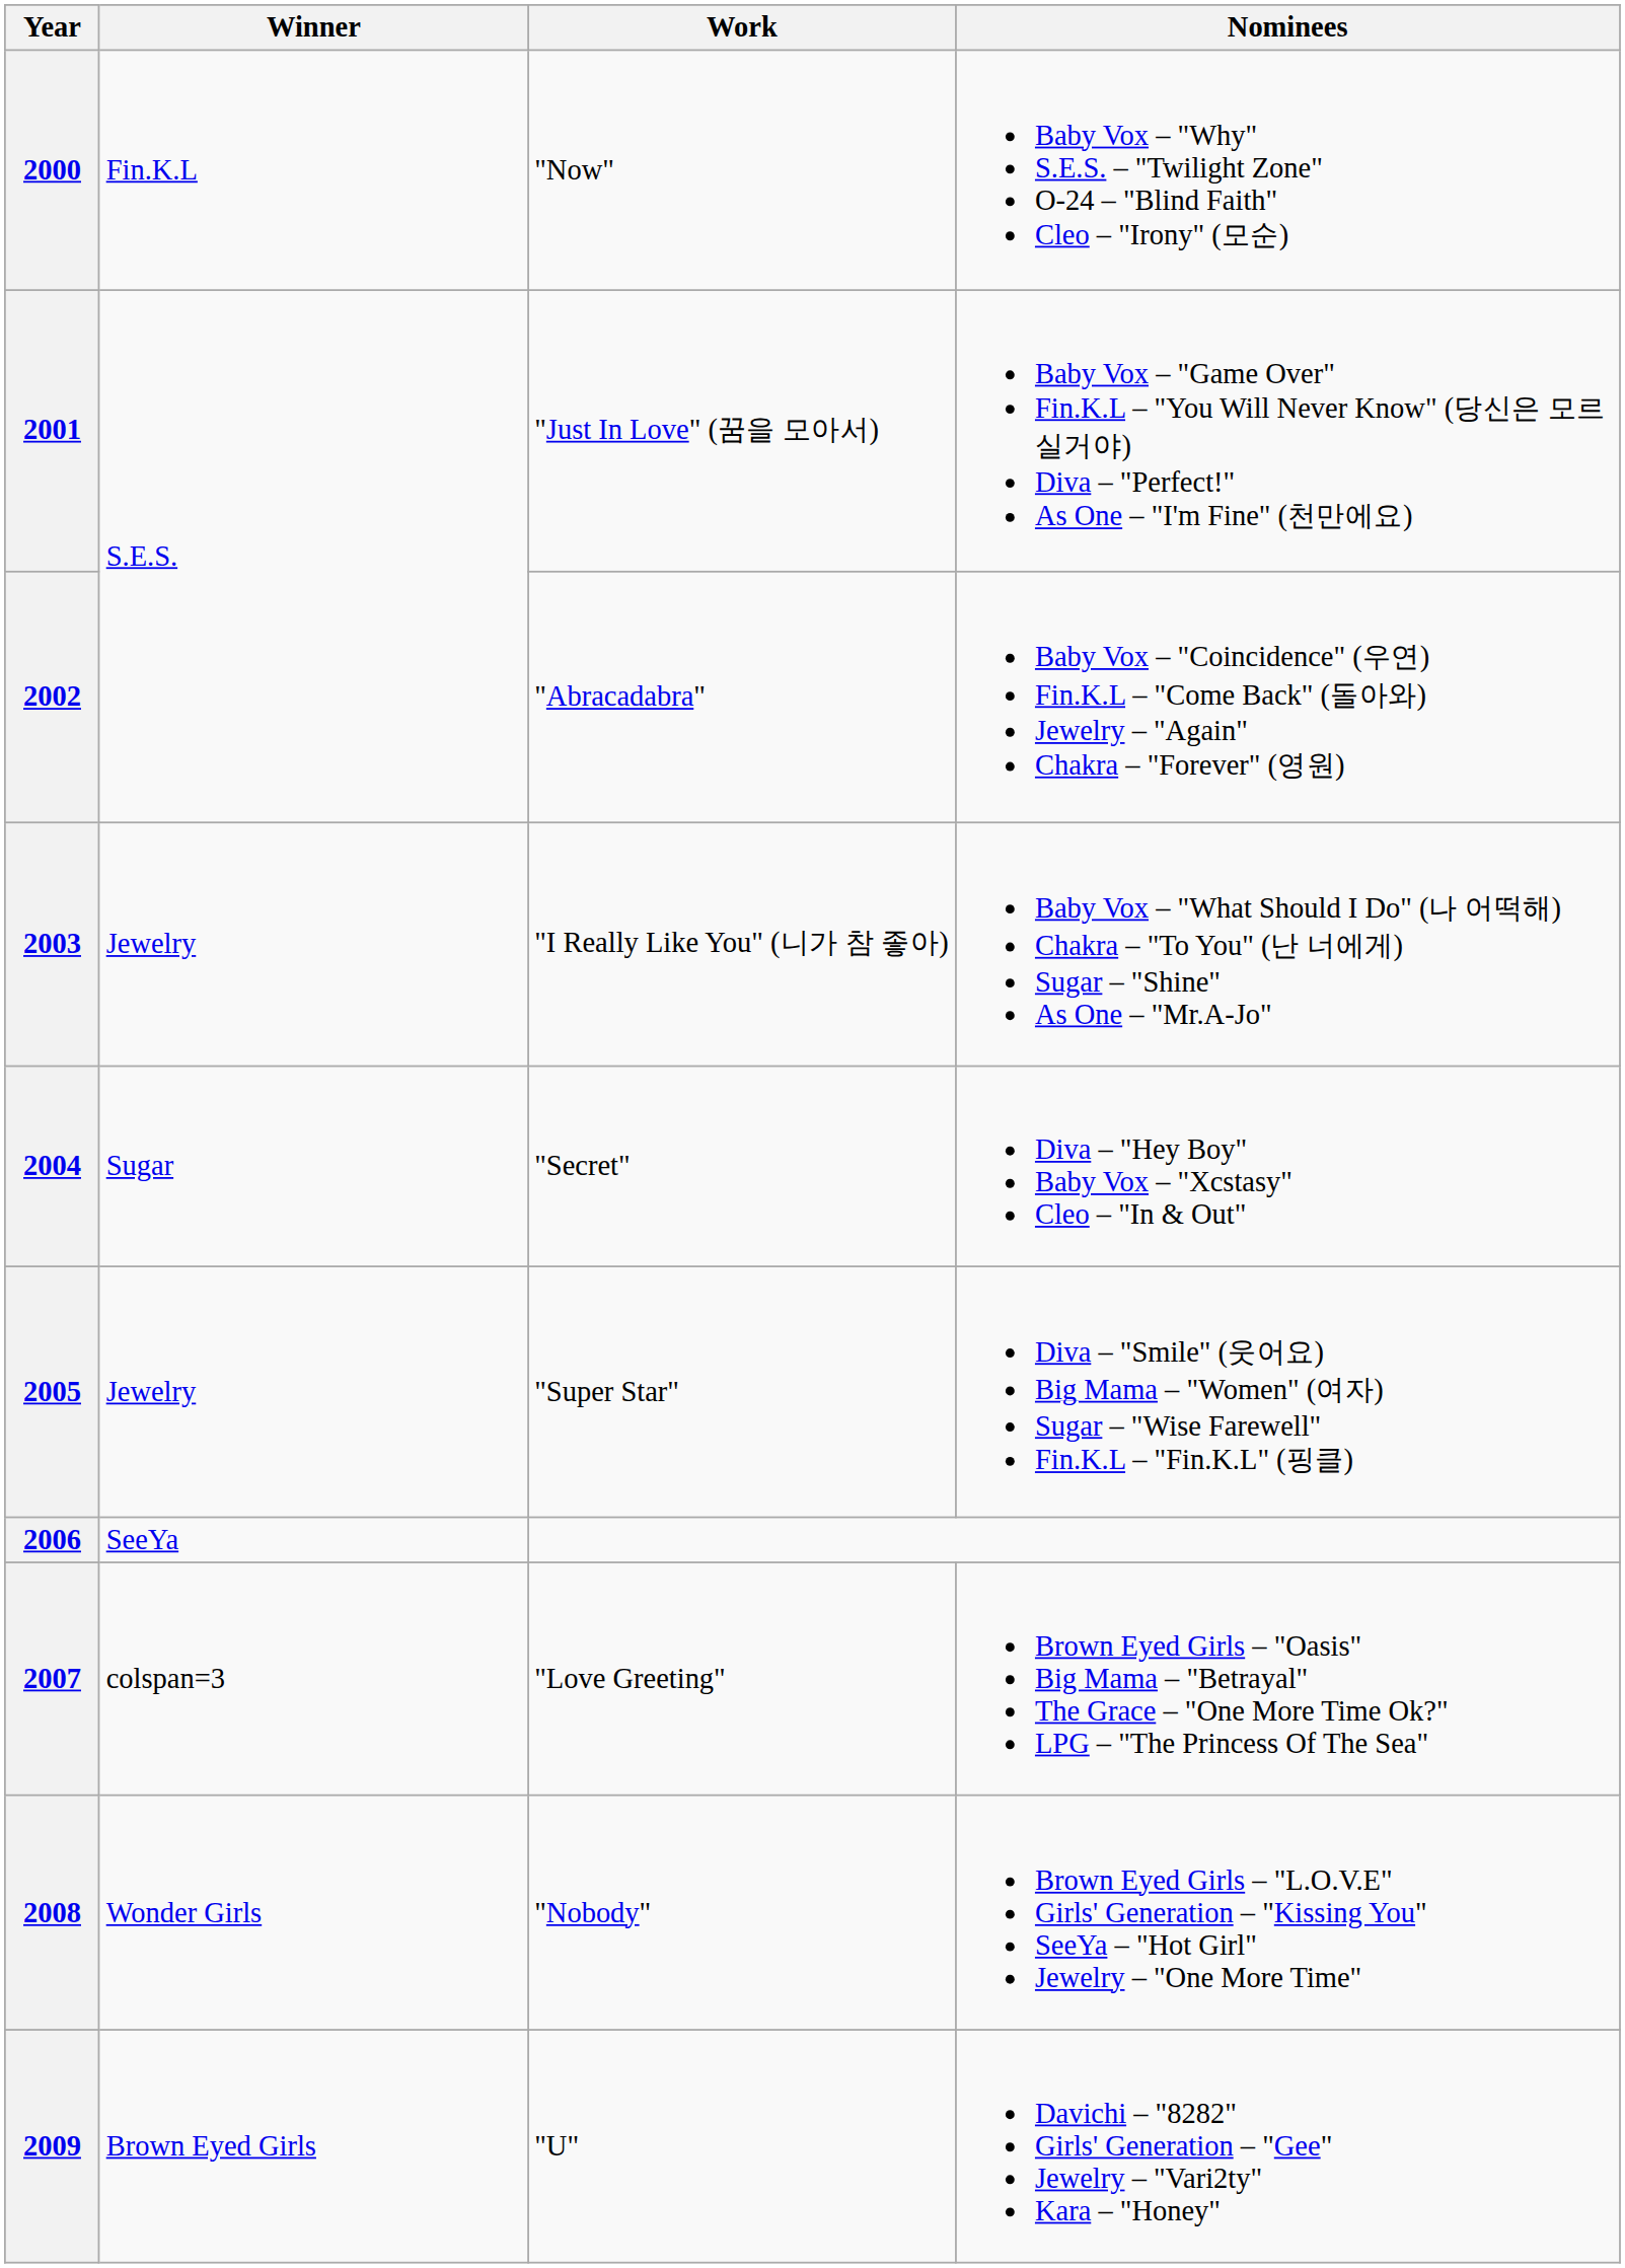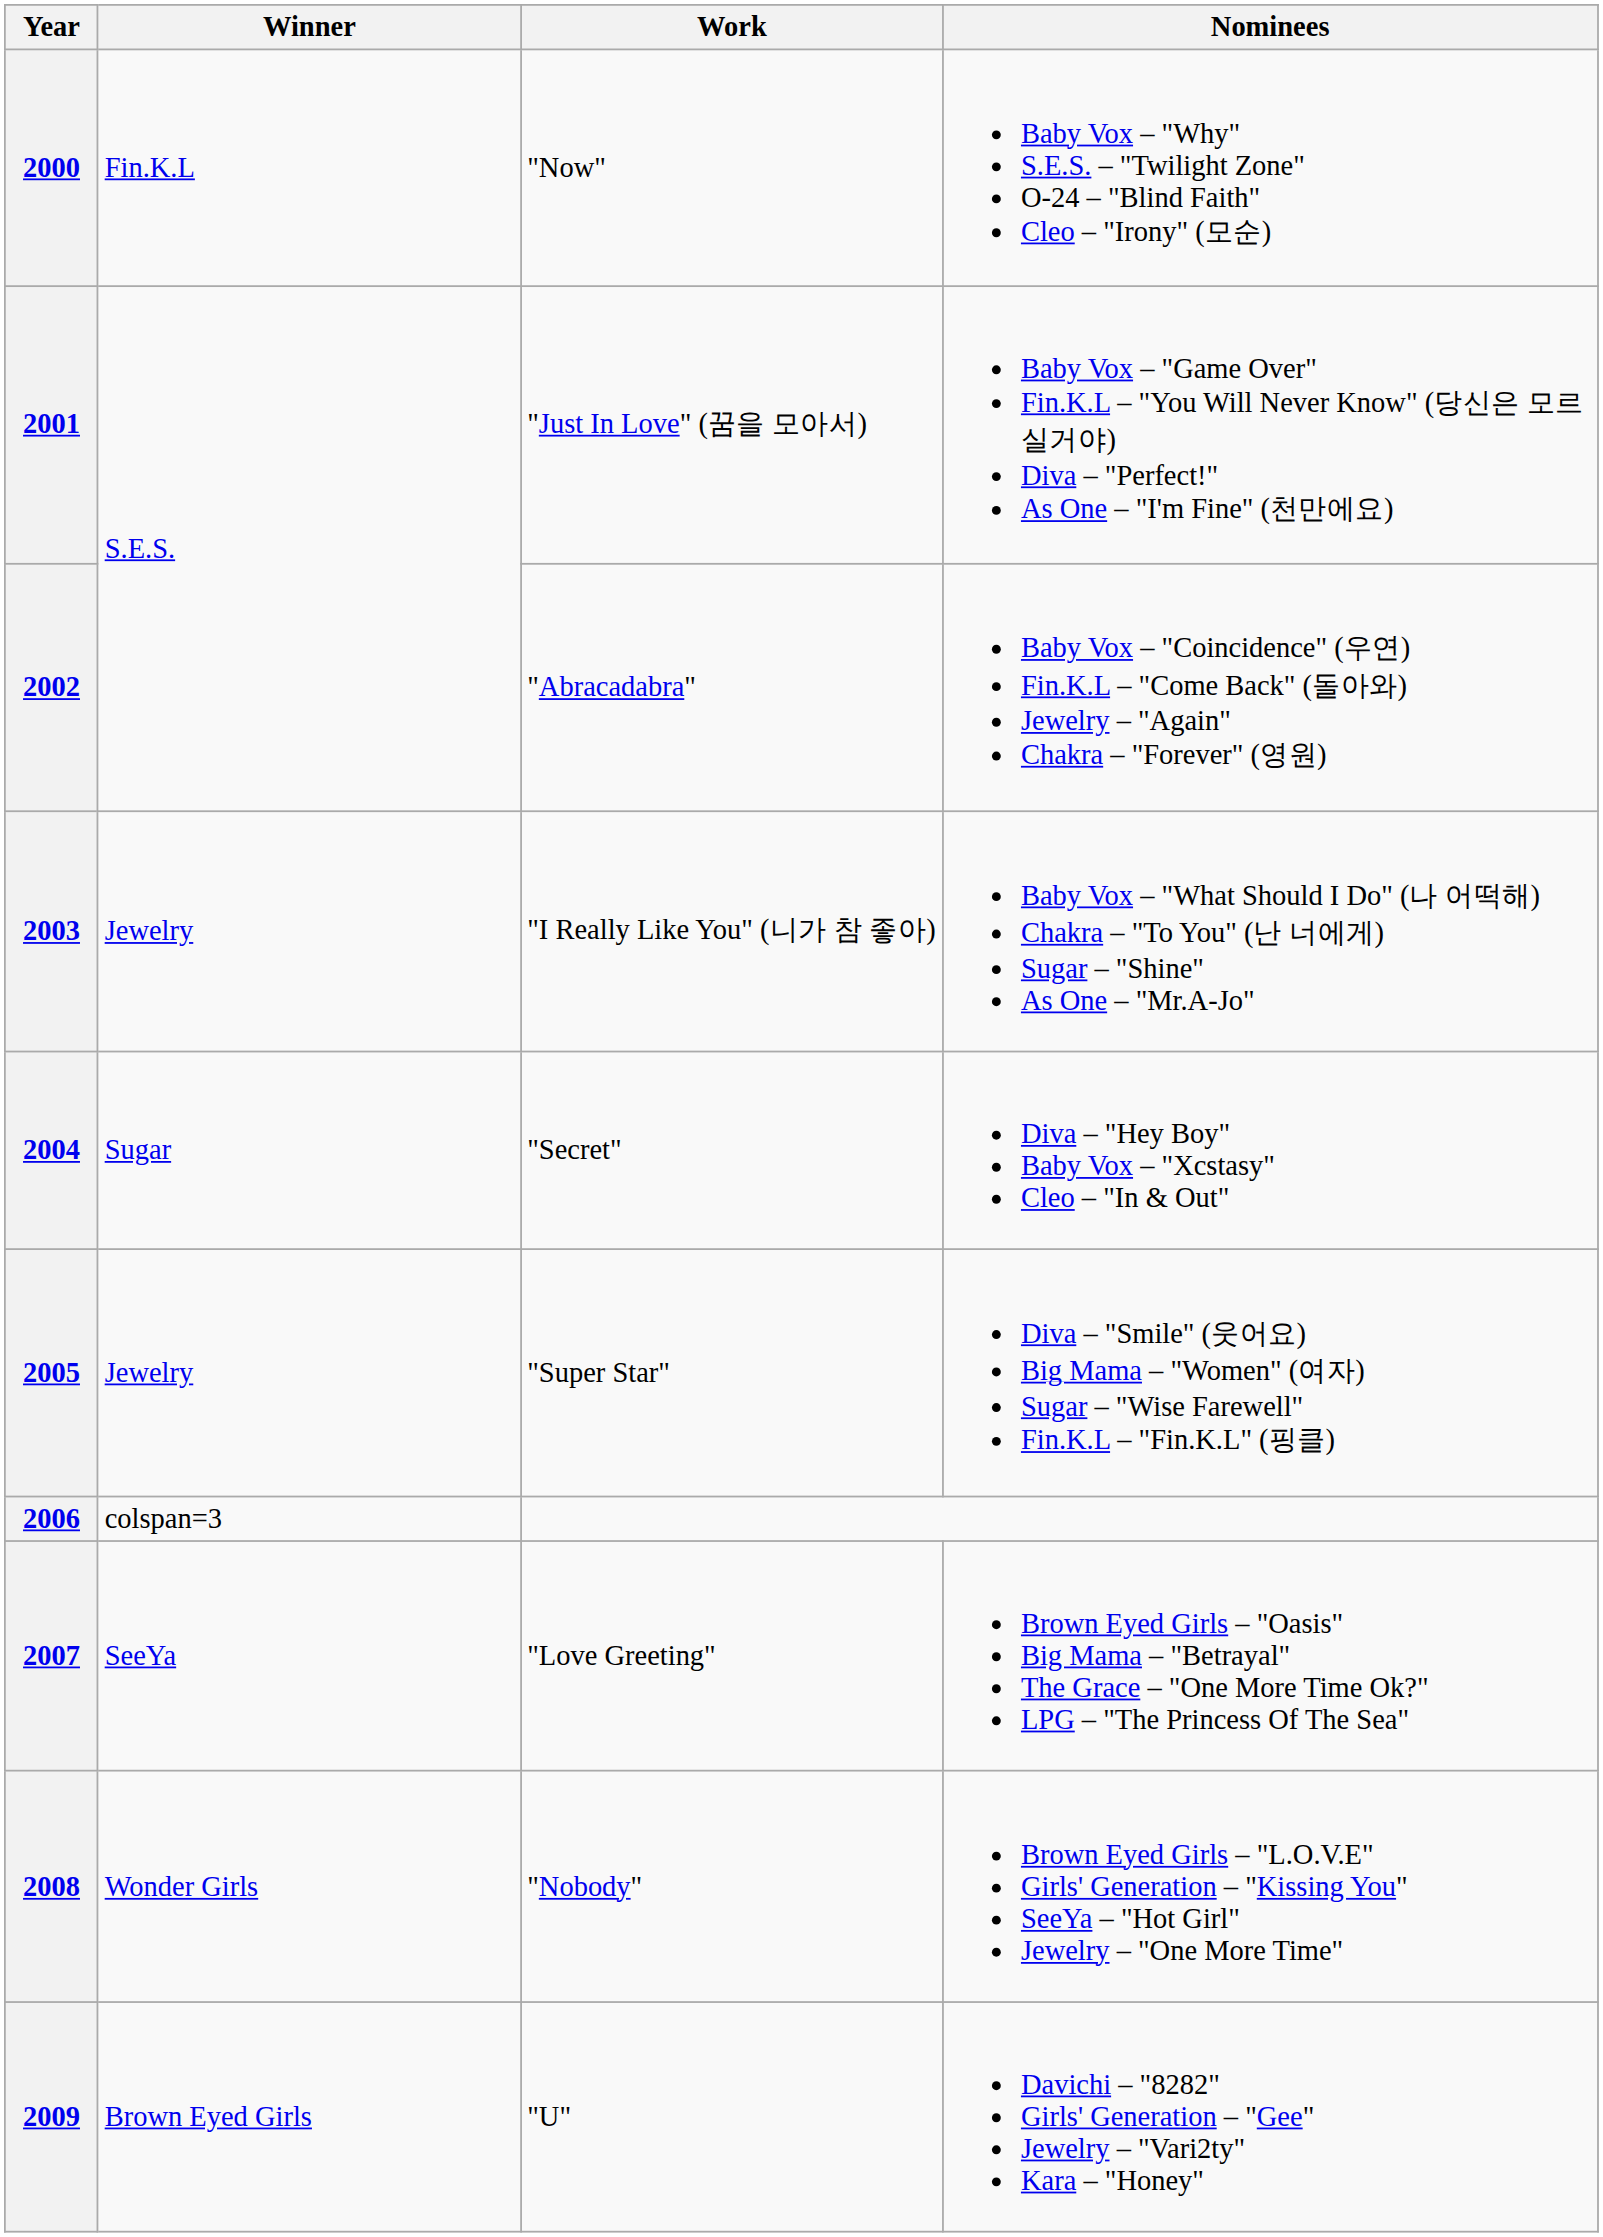 <table class="wikitable plainrowheaders">
 <tr>
 <th width="45">Year</th>
 <th width="230">Winner</th>
 <th width="230">Work</th>
 <th width="360">Nominees</th>
 </tr>
 <tr>
 <th scope="row" style="text-align:center"><a href='#'>2000</a></th>
 <td><a href='#'>Fin.K.L</a></td>
 <td>"Now"</td>
 <td><br><ul><li><a href='#'>Baby Vox</a> – "Why"</li><li><a href='#'>S.E.S.</a> – "Twilight Zone"</li><li>O-24 – "Blind Faith"</li><li><a href='#'>Cleo</a> – "Irony" (모순)</li></ul></td>
 </tr>
 <tr>
 <th scope="row" style="text-align:center"><a href='#'>2001</a></th>
 <td rowspan="2"><a href='#'>S.E.S.</a></td>
 <td>"<a href='#'>Just In Love</a>" (꿈을 모아서)</td>
 <td><br><ul><li><a href='#'>Baby Vox</a> – "Game Over"</li><li><a href='#'>Fin.K.L</a> – "You Will Never Know" (당신은 모르실거야)</li><li><a href='#'>Diva</a> – "Perfect!"</li><li><a href='#'>As One</a> – "I'm Fine" (천만에요)</li></ul></td>
 </tr>
 <tr>
 <th scope="row" style="text-align:center"><a href='#'>2002</a></th>
 <td>"<a href='#'>Abracadabra</a>"</td>
 <td><br><ul><li><a href='#'>Baby Vox</a> – "Coincidence" (우연)</li><li><a href='#'>Fin.K.L</a> – "Come Back" (돌아와)</li><li><a href='#'>Jewelry</a> – "Again"</li><li><a href='#'>Chakra</a> – "Forever" (영원)</li></ul></td>
 </tr>
 <tr>
 <th scope="row" style="text-align:center"><a href='#'>2003</a></th>
 <td><a href='#'>Jewelry</a></td>
 <td>"I Really Like You" (니가 참 좋아)</td>
 <td><br><ul><li><a href='#'>Baby Vox</a> – "What Should I Do" (나 어떡해)</li><li><a href='#'>Chakra</a> – "To You" (난 너에게)</li><li><a href='#'>Sugar</a> – "Shine"</li><li><a href='#'>As One</a> – "Mr.A-Jo"</li></ul></td>
 </tr>
 <tr>
 <th scope="row" style="text-align:center"><a href='#'>2004</a></th>
 <td><a href='#'>Sugar</a></td>
 <td>"Secret"</td>
 <td><br><ul><li><a href='#'>Diva</a> – "Hey Boy"</li><li><a href='#'>Baby Vox</a> – "Xcstasy"</li><li><a href='#'>Cleo</a> – "In & Out"</li></ul></td>
 </tr>
 <tr>
 <th scope="row" style="text-align:center"><a href='#'>2005</a></th>
 <td><a href='#'>Jewelry</a></td>
 <td>"Super Star"</td>
 <td><br><ul><li><a href='#'>Diva</a> – "Smile" (웃어요)</li><li><a href='#'>Big Mama</a> – "Women" (여자)</li><li><a href='#'>Sugar</a> – "Wise Farewell"</li><li><a href='#'>Fin.K.L</a> – "Fin.K.L" (핑클)</li></ul></td>
 </tr>
 <tr>
 <th scope="row" style="text-align:center"><a href='#'>2006</a></th>
-<td><a href='#'>SeeYa</a></td>
+<td>colspan=3 </td>
 </tr>
 <tr>
 <th scope="row" style="text-align:center"><a href='#'>2007</a></th>
-<td>colspan=3 </td>
+<td><a href='#'>SeeYa</a></td>
 <td>"Love Greeting"</td>
 <td><br><ul><li><a href='#'>Brown Eyed Girls</a> – "Oasis"</li><li><a href='#'>Big Mama</a> – "Betrayal"</li><li><a href='#'>The Grace</a> – "One More Time Ok?"</li><li><a href='#'>LPG</a> – "The Princess Of The Sea"</li></ul></td>
 </tr>
 <tr>
 <th scope="row" style="text-align:center"><a href='#'>2008</a></th>
 <td><a href='#'>Wonder Girls</a></td>
 <td>"<a href='#'>Nobody</a>"</td>
 <td><br><ul><li><a href='#'>Brown Eyed Girls</a> – "L.O.V.E"</li><li><a href='#'>Girls' Generation</a> – "<a href='#'>Kissing You</a>"</li><li><a href='#'>SeeYa</a> – "Hot Girl"</li><li><a href='#'>Jewelry</a> – "One More Time"</li></ul></td>
 </tr>
 <tr>
 <th scope="row" style="text-align:center"><a href='#'>2009</a></th>
 <td><a href='#'>Brown Eyed Girls</a></td>
 <td>"U"</td>
 <td><br><ul><li><a href='#'>Davichi</a> – "8282"</li><li><a href='#'>Girls' Generation</a> – "<a href='#'>Gee</a>"</li><li><a href='#'>Jewelry</a> – "Vari2ty"</li><li><a href='#'>Kara</a> – "Honey"</li></ul></td>
 </tr>
 </table>
